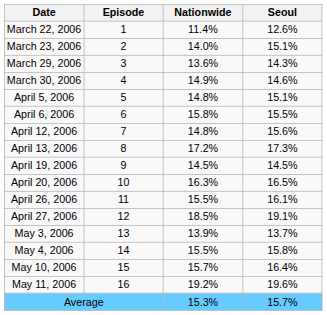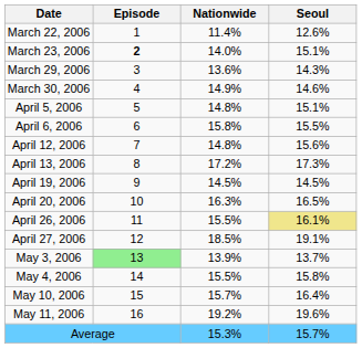 <table class="wikitable">
 <tr>
 <th bgcolor="66ccff" width="25%" align=center>Date</th>
 <th bgcolor="66ccff" width="25%" align=center>Episode</th>
 <th bgcolor="66ccff" width="25%" align=center>Nationwide</th>
 <th bgcolor="66ccff" width="25%" align=center>Seoul</th>
 </tr>
 <tr>
 <td align=center>March 22, 2006</td>
 <td align=center>1</td>
 <td align=center>11.4%</td>
 <td align=center>12.6%</td>
 </tr>
 <tr>
 <td align=center>March 23, 2006</td>
-<td align=center>2</td>
+<td align=center><strong>2</strong></td>
 <td align=center>14.0%</td>
 <td align=center>15.1%</td>
 </tr>
 <tr>
 <td align=center>March 29, 2006</td>
 <td align=center>3</td>
 <td align=center>13.6%</td>
 <td align=center>14.3%</td>
 </tr>
 <tr>
 <td align=center>March 30, 2006</td>
 <td align=center>4</td>
 <td align=center>14.9%</td>
 <td align=center>14.6%</td>
 </tr>
 <tr>
 <td align=center>April 5, 2006</td>
 <td align=center>5</td>
 <td align=center>14.8%</td>
 <td align=center>15.1%</td>
 </tr>
 <tr>
 <td align=center>April 6, 2006</td>
 <td align=center>6</td>
 <td align=center>15.8%</td>
 <td align=center>15.5%</td>
 </tr>
 <tr>
 <td align=center>April 12, 2006</td>
 <td align=center>7</td>
 <td align=center>14.8%</td>
 <td align=center>15.6%</td>
 </tr>
 <tr>
 <td align=center>April 13, 2006</td>
 <td align=center>8</td>
 <td align=center>17.2%</td>
 <td align=center>17.3%</td>
 </tr>
 <tr>
 <td align=center>April 19, 2006</td>
 <td align=center>9</td>
 <td align=center>14.5%</td>
 <td align=center>14.5%</td>
 </tr>
 <tr>
 <td align=center>April 20, 2006</td>
 <td align=center>10</td>
 <td align=center>16.3%</td>
 <td align=center>16.5%</td>
 </tr>
 <tr>
 <td align=center>April 26, 2006</td>
 <td align=center>11</td>
 <td align=center>15.5%</td>
-<td align=center>16.1%</td>
+<td align=center style="background: khaki;">16.1%</td>
 </tr>
 <tr>
 <td align=center>April 27, 2006</td>
 <td align=center>12</td>
 <td align=center>18.5%</td>
 <td align=center>19.1%</td>
 </tr>
 <tr>
 <td align=center>May 3, 2006</td>
-<td align=center>13</td>
+<td align=center style="background: lightgreen;">13</td>
 <td align=center>13.9%</td>
 <td align=center>13.7%</td>
 </tr>
 <tr>
 <td align=center>May 4, 2006</td>
 <td align=center>14</td>
 <td align=center>15.5%</td>
 <td align=center>15.8%</td>
 </tr>
 <tr>
 <td align=center>May 10, 2006</td>
 <td align=center>15</td>
 <td align=center>15.7%</td>
 <td align=center>16.4%</td>
 </tr>
 <tr>
 <td align=center>May 11, 2006</td>
 <td align=center>16</td>
 <td align=center>19.2%</td>
 <td align=center>19.6%</td>
 </tr>
 <tr>
 <td colspan='2' bgcolor="66ccff" align=center>Average</td>
 <td bgcolor="66ccff" align=center>15.3%</td>
 <td bgcolor="66ccff" align=center>15.7%</td>
 </tr>
 </table>
